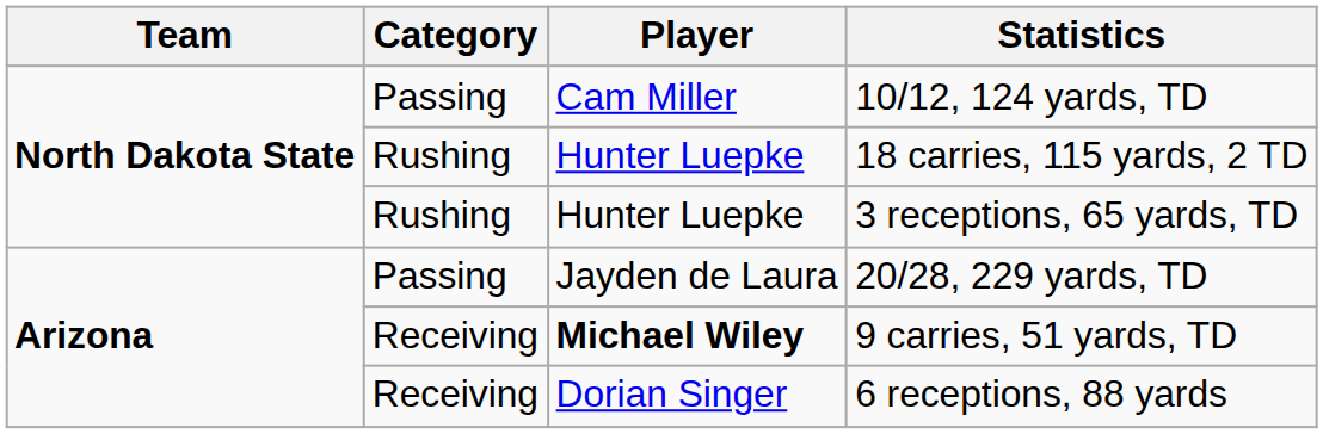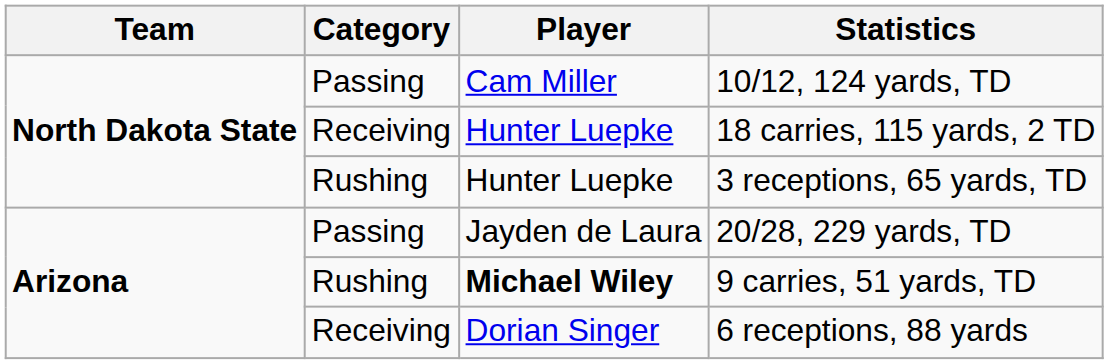 <table class="wikitable" style="float: right;">
 <tr>
 <th>Team</th>
 <th>Category</th>
 <th>Player</th>
 <th>Statistics</th>
 </tr>
 <tr>
 <td rowspan=3><strong>North Dakota State</strong></td>
 <td>Passing</td>
 <td><a href='#'>Cam Miller</a></td>
 <td>10/12, 124 yards, TD</td>
 </tr>
 <tr>
-<td>Rushing</td>
+<td>Receiving</td>
 <td><a href='#'>Hunter Luepke</a></td>
 <td>18 carries, 115 yards, 2 TD</td>
 </tr>
 <tr>
 <td>Rushing</td>
 <td>Hunter Luepke</td>
 <td>3 receptions, 65 yards, TD</td>
 </tr>
 <tr>
 <td rowspan=3><strong>Arizona</strong></td>
 <td>Passing</td>
 <td>Jayden de Laura</td>
 <td>20/28, 229 yards, TD</td>
 </tr>
 <tr>
-<td>Receiving</td>
+<td>Rushing</td>
 <td><strong>Michael Wiley</strong></td>
 <td>9 carries, 51 yards, TD</td>
 </tr>
 <tr>
 <td>Receiving</td>
 <td><a href='#'>Dorian Singer</a></td>
 <td>6 receptions, 88 yards</td>
 </tr>
 </table>
